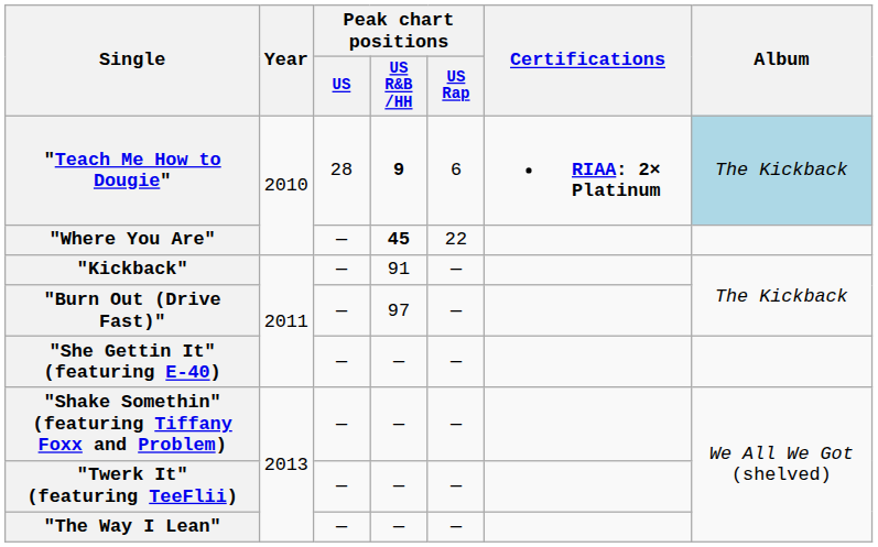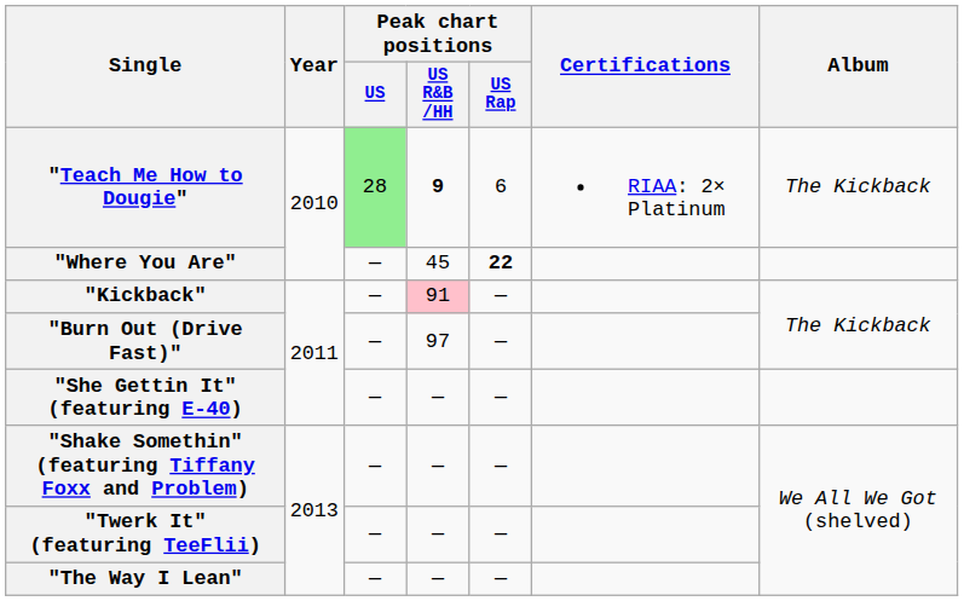 <table class="wikitable plainrowheaders" style="text-align:center;">
 <tr>
 <th rowspan="2">Single</th>
 <th rowspan="2">Year</th>
 <th colspan="3">Peak chart positions</th>
 <th rowspan="2"><a href='#'>Certifications</a></th>
 <th rowspan="2">Album</th>
 </tr>
 <tr style=font-size:smaller>
 <th width="35"><a href='#'>US</a></th>
 <th width="35"><a href='#'>US<br>R&B<br>/HH</a></th>
 <th width="35"><a href='#'>US<br>Rap</a></th>
 </tr>
 <tr>
 <th scope="row">"<a href='#'>Teach Me How to Dougie</a>"</th>
 <td rowspan="2">2010</td>
-<td>28</td>
+<td style="background: lightgreen;">28</td>
 <td><strong>9</strong></td>
 <td>6</td>
-<td><strong><br><ul><li><a href='#'>RIAA</a>: 2× Platinum</li></ul></strong></td>
-<td style="background: lightblue;"><em>The Kickback</em></td>
+<td><br><ul><li><a href='#'>RIAA</a>: 2× Platinum</li></ul></td>
+<td><em>The Kickback</em></td>
 </tr>
 <tr>
 <th scope="row">"Where You Are"</th>
 <td>—</td>
-<td><strong>45</strong></td>
-<td>22</td>
+<td>45</td>
+<td><strong>22</strong></td>
 <td></td>
 <td></td>
 </tr>
 <tr>
 <th scope="row">"Kickback"</th>
 <td rowspan="3">2011</td>
 <td>—</td>
-<td>91</td>
+<td style="background: pink;">91</td>
 <td>—</td>
 <td></td>
 <td rowspan="2"><em>The Kickback</em></td>
 </tr>
 <tr>
 <th scope="row">"Burn Out (Drive Fast)"</th>
 <td>—</td>
 <td>97</td>
 <td>—</td>
 <td></td>
 </tr>
 <tr>
 <th scope="row">"She Gettin It"<br><span>(featuring <a href='#'>E-40</a>)</span></th>
 <td>—</td>
 <td>—</td>
 <td>—</td>
 <td></td>
 <td></td>
 </tr>
 <tr>
 <th scope="row">"Shake Somethin"<br><span>(featuring <a href='#'>Tiffany Foxx</a> and <a href='#'>Problem</a>)</span></th>
 <td rowspan="3">2013</td>
 <td>—</td>
 <td>—</td>
 <td>—</td>
 <td></td>
 <td rowspan="3"><em>We All We Got</em> (shelved)</td>
 </tr>
 <tr>
 <th scope="row">"Twerk It"<br><span>(featuring <a href='#'>TeeFlii</a>)</span></th>
 <td>—</td>
 <td>—</td>
 <td>—</td>
 <td></td>
 </tr>
 <tr>
 <th scope="row">"The Way I Lean"</th>
 <td>—</td>
 <td>—</td>
 <td>—</td>
 <td></td>
 </tr>
 </table>
